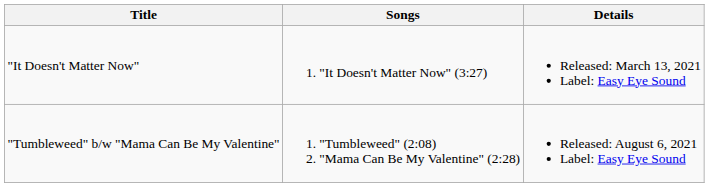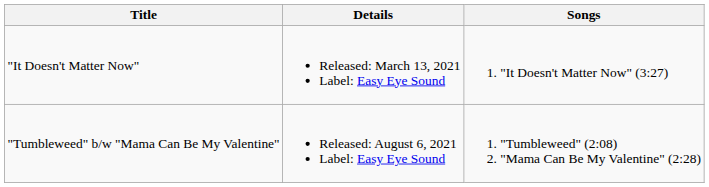 <table class="wikitable">
 <tr>
 <th>Title</th>
+<th>Details</th>
 <th>Songs</th>
-<th>Details</th>
 </tr>
 <tr>
 <td>"It Doesn't Matter Now"</td>
+<td><br><ul><li>Released: March 13, 2021</li><li>Label: <a href='#'>Easy Eye Sound</a></li></ul></td>
 <td><br><ol><li>"It Doesn't Matter Now" (3:27)</li></ol></td>
-<td><br><ul><li>Released: March 13, 2021</li><li>Label: <a href='#'>Easy Eye Sound</a></li></ul></td>
 </tr>
 <tr>
 <td>"Tumbleweed" b/w "Mama Can Be My Valentine"</td>
+<td><br><ul><li>Released: August 6, 2021</li><li>Label: <a href='#'>Easy Eye Sound</a></li></ul></td>
 <td><br><ol><li>"Tumbleweed" (2:08)</li><li>"Mama Can Be My Valentine" (2:28)</li></ol></td>
-<td><br><ul><li>Released: August 6, 2021</li><li>Label: <a href='#'>Easy Eye Sound</a></li></ul></td>
 </tr>
 </table>
